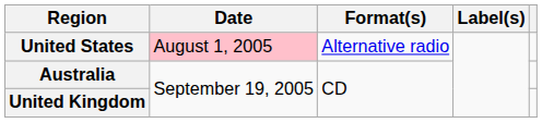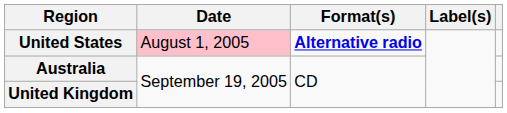 <table class="wikitable plainrowheaders">
 <tr>
 <th scope="col">Region</th>
 <th scope="col">Date</th>
 <th scope="col">Format(s)</th>
 <th scope="col">Label(s)</th>
 <th scope="col"></th>
 </tr>
 <tr>
 <th scope="row">United States</th>
 <td style="background: pink;">August 1, 2005</td>
-<td><a href='#'>Alternative radio</a></td>
+<td><strong><a href='#'>Alternative radio</a></strong></td>
 <td rowspan="3"></td>
 <td align="center"></td>
 </tr>
 <tr>
 <th scope="row">Australia</th>
 <td rowspan="2">September 19, 2005</td>
 <td rowspan="2">CD</td>
 <td align="center"></td>
 </tr>
 <tr>
 <th scope="row">United Kingdom</th>
 <td align="center"></td>
 </tr>
 </table>
